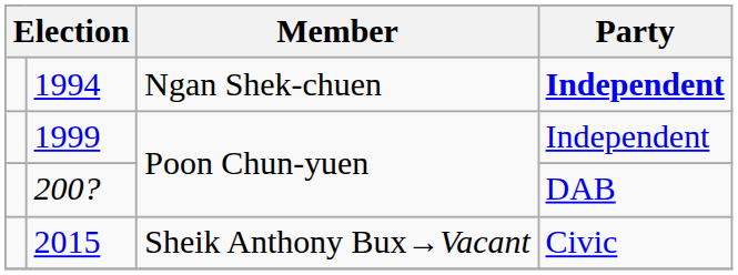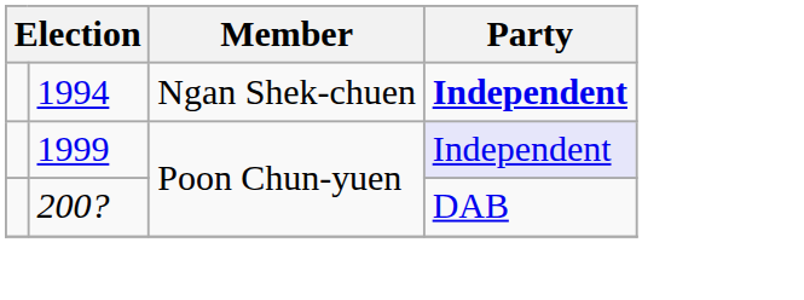 <table class="wikitable">
 <tr>
 <th colspan="2">Election</th>
 <th>Member</th>
 <th>Party</th>
 </tr>
 <tr>
 <td style="background-color:"></td>
 <td><a href='#'>1994</a></td>
 <td>Ngan Shek-chuen</td>
 <td><strong><a href='#'>Independent</a></strong></td>
 </tr>
 <tr>
 <td style="background-color:"></td>
 <td><a href='#'>1999</a></td>
 <td rowspan=2>Poon Chun-yuen</td>
-<td><a href='#'>Independent</a></td>
+<td style="background: lavender;"><a href='#'>Independent</a></td>
 </tr>
 <tr>
 <td style="background-color:"></td>
 <td><em>200?</em></td>
 <td><a href='#'>DAB</a></td>
 </tr>
 <tr>
-<td style="background-color:"></td>
-<td><a href='#'>2015</a></td>
-<td>Sheik Anthony Bux→<em>Vacant</em></td>
-<td><a href='#'>Civic</a></td>
-</tr>
-<tr>
 </tr>
 </table>
